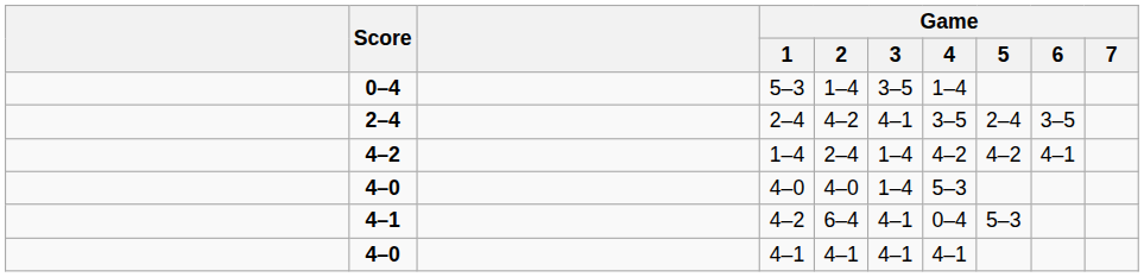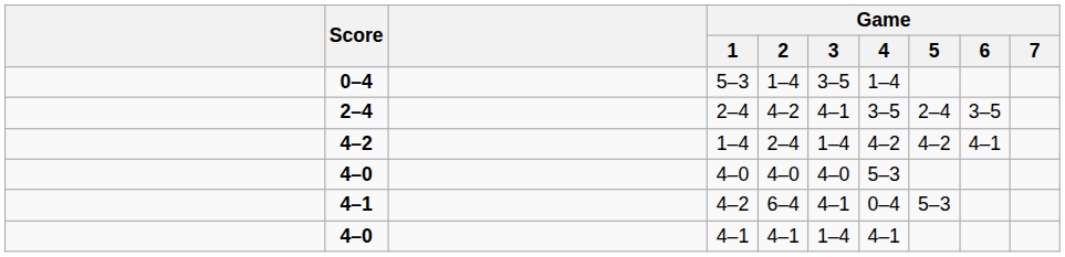 <table class="wikitable" style="text-align: center;">
 <tr>
 <th rowspan=2 align="right" width="270"></th>
 <th rowspan=2 width="45">Score</th>
 <th rowspan=2 align="left" width="270"></th>
 <th colspan=7>Game</th>
 </tr>
 <tr>
 <th width="35">1</th>
 <th width="35">2</th>
 <th width="35">3</th>
 <th width="35">4</th>
 <th width="35">5</th>
 <th width="35">6</th>
 <th width="35">7</th>
 </tr>
 <tr>
 <td align=left></td>
 <td align=center><strong>0–4</strong></td>
 <td align=left><strong></strong></td>
 <td>5–3</td>
 <td>1–4</td>
 <td>3–5</td>
 <td>1–4</td>
 <td></td>
 <td></td>
 <td></td>
 </tr>
 <tr>
 <td align=left></td>
 <td align=center><strong>2–4</strong></td>
 <td align=left><strong></strong></td>
 <td>2–4</td>
 <td>4–2</td>
 <td>4–1</td>
 <td>3–5</td>
 <td>2–4</td>
 <td>3–5</td>
 <td></td>
 </tr>
 <tr>
 <td align=left><strong></strong></td>
 <td align=center><strong>4–2</strong></td>
 <td align=left></td>
 <td>1–4</td>
 <td>2–4</td>
 <td>1–4</td>
 <td>4–2</td>
 <td>4–2</td>
 <td>4–1</td>
 <td></td>
 </tr>
 <tr>
 <td align=left><strong></strong></td>
 <td align=center><strong>4–0</strong></td>
 <td align=left></td>
 <td>4–0</td>
 <td>4–0</td>
-<td>1–4</td>
+<td>4–0</td>
 <td>5–3</td>
 <td></td>
 <td></td>
 <td></td>
 </tr>
 <tr>
 <td align=left><strong></strong></td>
 <td align=center><strong>4–1</strong></td>
 <td align=left></td>
 <td>4–2</td>
 <td>6–4</td>
 <td>4–1</td>
 <td>0–4</td>
 <td>5–3</td>
 <td></td>
 <td></td>
 </tr>
 <tr>
 <td align=left><strong></strong></td>
 <td align=center><strong>4–0</strong></td>
 <td align=left></td>
 <td>4–1</td>
 <td>4–1</td>
-<td>4–1</td>
+<td>1–4</td>
 <td>4–1</td>
 <td></td>
 <td></td>
 <td></td>
 </tr>
 </table>
